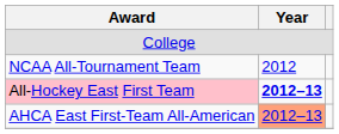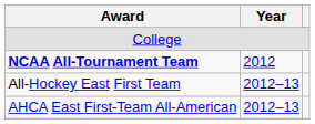 <table class="wikitable">
 <tr>
 <th>Award</th>
 <th>Year</th>
 <th></th>
 </tr>
 <tr ALIGN="center" bgcolor="#e0e0e0">
 <td colspan="3"><a href='#'>College</a></td>
 </tr>
 <tr>
-<td><a href='#'>NCAA</a> <a href='#'>All-Tournament Team</a></td>
+<td><strong><a href='#'>NCAA</a> <a href='#'>All-Tournament Team</a></strong></td>
 <td><a href='#'>2012</a></td>
 <td></td>
 </tr>
 <tr>
-<td style="background: pink;">All-<a href='#'>Hockey East</a> <a href='#'>First Team</a></td>
-<td><strong><a href='#'>2012–13</a></strong></td>
+<td>All-<a href='#'>Hockey East</a> <a href='#'>First Team</a></td>
+<td><a href='#'>2012–13</a></td>
 <td></td>
 </tr>
 <tr>
 <td><a href='#'>AHCA</a> <a href='#'>East First-Team All-American</a></td>
-<td style="background: lightsalmon;"><a href='#'>2012–13</a></td>
+<td><a href='#'>2012–13</a></td>
 <td></td>
 </tr>
 <tr>
 </tr>
 </table>
